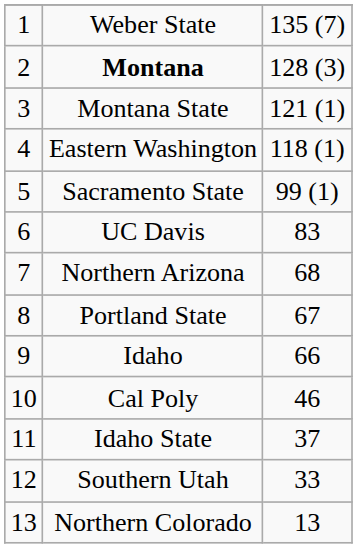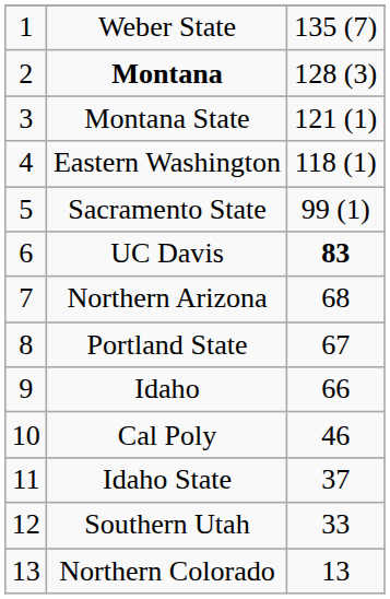 <table class="wikitable" style="display: inline-table;">
 <tr align="center">
 </tr>
 <tr align="center">
 <td>1</td>
 <td>Weber State</td>
 <td>135 (7)</td>
 </tr>
 <tr align="center">
 <td>2</td>
 <td><strong>Montana</strong></td>
 <td>128 (3)</td>
 </tr>
 <tr align="center">
 <td>3</td>
 <td>Montana State</td>
 <td>121 (1)</td>
 </tr>
 <tr align="center">
 <td>4</td>
 <td>Eastern Washington</td>
 <td>118 (1)</td>
 </tr>
 <tr align="center">
 <td>5</td>
 <td>Sacramento State</td>
 <td>99 (1)</td>
 </tr>
 <tr align="center">
 <td>6</td>
 <td>UC Davis</td>
-<td>83</td>
+<td><strong>83</strong></td>
 </tr>
 <tr align="center">
 <td>7</td>
 <td>Northern Arizona</td>
 <td>68</td>
 </tr>
 <tr align="center">
 <td>8</td>
 <td>Portland State</td>
 <td>67</td>
 </tr>
 <tr align="center">
 <td>9</td>
 <td>Idaho</td>
 <td>66</td>
 </tr>
 <tr align="center">
 <td>10</td>
 <td>Cal Poly</td>
 <td>46</td>
 </tr>
 <tr align="center">
 <td>11</td>
 <td>Idaho State</td>
 <td>37</td>
 </tr>
 <tr align="center">
 <td>12</td>
 <td>Southern Utah</td>
 <td>33</td>
 </tr>
 <tr align="center">
 <td>13</td>
 <td>Northern Colorado</td>
 <td>13</td>
 </tr>
 </table>
